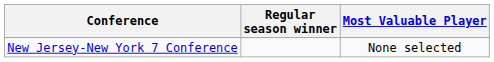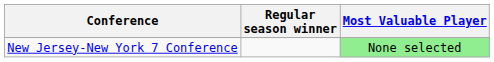 <table class="wikitable" style="text-align:center;">
 <tr>
 <th>Conference</th>
 <th>Regular <br> season winner</th>
 <th><a href='#'>Most Valuable Player</a></th>
 </tr>
 <tr>
 </tr>
 <tr>
 <td><a href='#'>New Jersey-New York 7 Conference</a></td>
 <td></td>
-<td>None selected</td>
+<td style="background: lightgreen;">None selected</td>
 </tr>
 </table>
